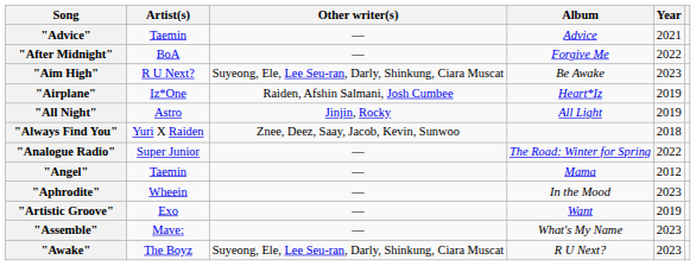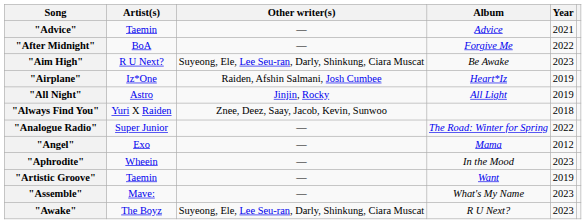 <table class="wikitable sortable plainrowheaders" style="text-align:center;">
 <tr>
 <th scope="col" width="150">Song</th>
 <th scope="col" width="100">Artist(s)</th>
 <th scope="col" class="unsortable">Other writer(s)</th>
 <th scope="col" data-sort-type="text">Album</th>
 <th scope="col">Year</th>
 <th scope="col" class="unsortable"></th>
 </tr>
 <tr>
 <th scope="row">"Advice"</th>
 <td><a href='#'>Taemin</a></td>
 <td>—</td>
 <td><em><a href='#'>Advice</a></em></td>
 <td>2021</td>
 <td style="text-align:center;"></td>
 </tr>
 <tr>
 <th scope="row">"After Midnight"</th>
 <td><a href='#'>BoA</a></td>
 <td>—</td>
 <td><em><a href='#'>Forgive Me</a></em></td>
 <td>2022</td>
 <td style="text-align:center;"></td>
 </tr>
 <tr>
 <th scope="row">"Aim High"</th>
 <td><a href='#'>R U Next?</a></td>
 <td>Suyeong, Ele, <a href='#'>Lee Seu-ran</a>, Darly, Shinkung, Ciara Muscat</td>
 <td><em>Be Awake</em></td>
 <td>2023</td>
 <td style="text-align:center;"></td>
 </tr>
 <tr>
 <th scope="row">"Airplane"</th>
 <td><a href='#'>Iz*One</a></td>
 <td>Raiden, Afshin Salmani, <a href='#'>Josh Cumbee</a></td>
 <td><em><a href='#'>Heart*Iz</a></em></td>
 <td>2019</td>
 <td style="text-align:center;"></td>
 </tr>
 <tr>
 <th scope="row">"All Night"</th>
 <td><a href='#'>Astro</a></td>
 <td><a href='#'>Jinjin</a>, <a href='#'>Rocky</a></td>
 <td><em><a href='#'>All Light</a></em></td>
 <td>2019</td>
 <td style="text-align:center;"></td>
 </tr>
 <tr>
 <th scope="row">"Always Find You"</th>
 <td><a href='#'>Yuri</a> X <a href='#'>Raiden</a></td>
 <td>Znee, Deez, Saay, Jacob, Kevin, Sunwoo</td>
 <td></td>
 <td>2018</td>
 <td style="text-align:center;"></td>
 </tr>
 <tr>
 <th scope="row">"Analogue Radio"</th>
 <td><a href='#'>Super Junior</a></td>
 <td>—</td>
 <td><em><a href='#'>The Road: Winter for Spring</a></em></td>
 <td>2022</td>
 <td style="text-align:center;"></td>
 </tr>
 <tr>
 <th scope="row">"Angel"</th>
-<td><a href='#'>Taemin</a></td>
+<td><a href='#'>Exo</a></td>
 <td>—</td>
 <td><em><a href='#'>Mama</a></em></td>
 <td>2012</td>
 <td style="text-align:center;"></td>
 </tr>
 <tr>
 <th scope="row">"Aphrodite"</th>
 <td><a href='#'>Wheein</a></td>
 <td>—</td>
 <td><em>In the Mood</em></td>
 <td>2023</td>
 <td style="text-align:center;"></td>
 </tr>
 <tr>
 <th scope="row">"Artistic Groove"</th>
-<td><a href='#'>Exo</a></td>
+<td><a href='#'>Taemin</a></td>
 <td>—</td>
 <td><em><a href='#'>Want</a></em></td>
 <td>2019</td>
 <td style="text-align:center;"></td>
 </tr>
 <tr>
 <th scope="row">"Assemble"</th>
 <td><a href='#'>Mave:</a></td>
 <td>—</td>
 <td><em>What's My Name</em></td>
 <td>2023</td>
 <td style="text-align:center;"></td>
 </tr>
 <tr>
 <th scope="row">"Awake"</th>
 <td><a href='#'>The Boyz</a></td>
 <td>Suyeong, Ele, <a href='#'>Lee Seu-ran</a>, Darly, Shinkung, Ciara Muscat</td>
 <td><em>R U Next?</em></td>
 <td>2023</td>
 <td style="text-align:center;"></td>
 </tr>
 </table>
